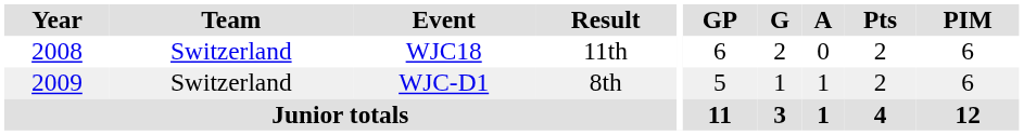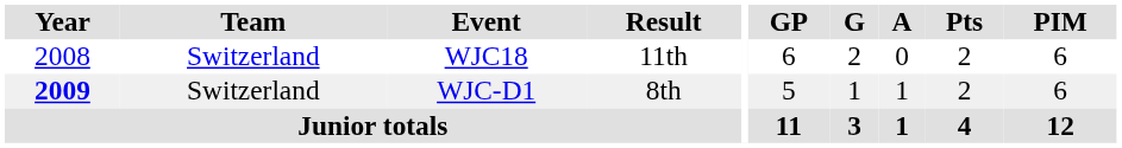 <table border="0" cellpadding="1" cellspacing="0" ID="Table3" style="text-align:center; width:40em">
 <tr ALIGN="center" bgcolor="#e0e0e0">
 <th>Year</th>
 <th>Team</th>
 <th>Event</th>
 <th>Result</th>
 <th rowspan="99" bgcolor="#ffffff"></th>
 <th>GP</th>
 <th>G</th>
 <th>A</th>
 <th>Pts</th>
 <th>PIM</th>
 </tr>
 <tr>
 <td><a href='#'>2008</a></td>
 <td><a href='#'>Switzerland</a></td>
 <td><a href='#'>WJC18</a></td>
 <td>11th</td>
 <td>6</td>
 <td>2</td>
 <td>0</td>
 <td>2</td>
 <td>6</td>
 </tr>
 <tr bgcolor="#f0f0f0">
-<td><a href='#'>2009</a></td>
+<td><strong><a href='#'>2009</a></strong></td>
 <td>Switzerland</td>
 <td><a href='#'>WJC-D1</a></td>
 <td>8th</td>
 <td>5</td>
 <td>1</td>
 <td>1</td>
 <td>2</td>
 <td>6</td>
 </tr>
 <tr bgcolor="#e0e0e0">
 <th colspan="4">Junior totals</th>
 <th>11</th>
 <th>3</th>
 <th>1</th>
 <th>4</th>
 <th>12</th>
 </tr>
 </table>
